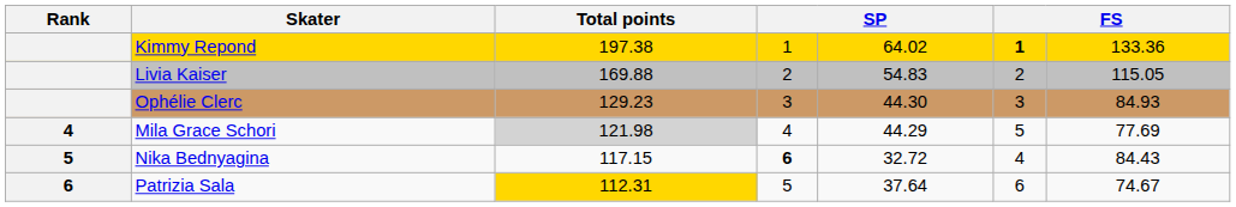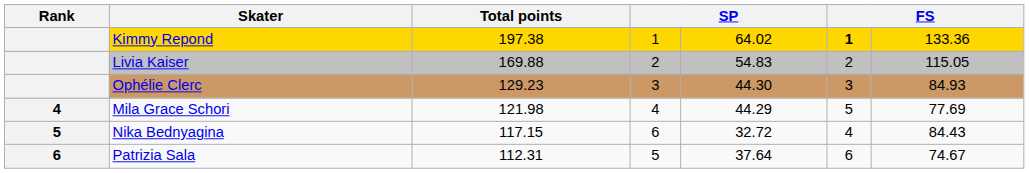 <table class="wikitable sortable" style="text-align:center;" width="70%">
 <tr>
 <th scope="col">Rank</th>
 <th scope="col">Skater</th>
 <th scope="col">Total points</th>
 <th scope="col" colspan="2" width="80px"><a href='#'>SP</a></th>
 <th scope="col" colspan="2" width="80px"><a href='#'>FS</a></th>
 </tr>
 <tr bgcolor="gold">
 <th scope="row"></th>
 <td align="left"><a href='#'>Kimmy Repond</a></td>
 <td>197.38</td>
 <td>1</td>
 <td>64.02</td>
 <td><strong>1</strong></td>
 <td>133.36</td>
 </tr>
 <tr bgcolor="silver">
 <th scope="row"></th>
 <td align="left"><a href='#'>Livia Kaiser</a></td>
 <td>169.88</td>
 <td>2</td>
 <td>54.83</td>
 <td>2</td>
 <td>115.05</td>
 </tr>
 <tr bgcolor="cc9966">
 <th scope="row"></th>
 <td align="left"><a href='#'>Ophélie Clerc</a></td>
 <td>129.23</td>
 <td>3</td>
 <td>44.30</td>
 <td>3</td>
 <td>84.93</td>
 </tr>
 <tr>
 <th scope="row">4</th>
 <td align="left"><a href='#'>Mila Grace Schori</a></td>
-<td style="background: lightgrey;">121.98</td>
+<td>121.98</td>
 <td>4</td>
 <td>44.29</td>
 <td>5</td>
 <td>77.69</td>
 </tr>
 <tr>
 <th scope="row">5</th>
 <td align="left"><a href='#'>Nika Bednyagina</a></td>
 <td>117.15</td>
-<td><strong>6</strong></td>
+<td>6</td>
 <td>32.72</td>
 <td>4</td>
 <td>84.43</td>
 </tr>
 <tr>
 <th scope="row">6</th>
 <td align="left"><a href='#'>Patrizia Sala</a></td>
-<td style="background: gold;">112.31</td>
+<td>112.31</td>
 <td>5</td>
 <td>37.64</td>
 <td>6</td>
 <td>74.67</td>
 </tr>
 </table>
